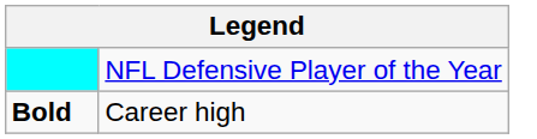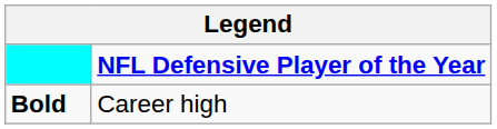 <table class="wikitable mw-collapsible mw-collapsed">
 <tr>
 <th colspan="2">Legend</th>
 </tr>
 <tr>
 <td style="background:#00ffff; width:3em;"></td>
-<td><a href='#'>NFL Defensive Player of the Year</a></td>
+<td><strong><a href='#'>NFL Defensive Player of the Year</a></strong></td>
 </tr>
 <tr>
 <td><strong>Bold</strong></td>
 <td>Career high</td>
 </tr>
 </table>
